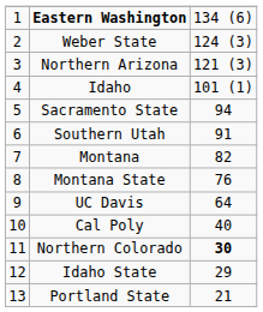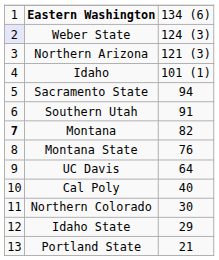 <table class="wikitable" style="display: inline-table;">
 <tr align="center">
 </tr>
 <tr align="center">
 <td>1</td>
 <td><strong>Eastern Washington</strong></td>
 <td>134 (6)</td>
 </tr>
 <tr align="center">
-<td>2</td>
+<td style="background: lavender;">2</td>
 <td>Weber State</td>
 <td>124 (3)</td>
 </tr>
 <tr align="center">
 <td>3</td>
 <td>Northern Arizona</td>
 <td>121 (3)</td>
 </tr>
 <tr align="center">
 <td>4</td>
 <td>Idaho</td>
 <td>101 (1)</td>
 </tr>
 <tr align="center">
 <td>5</td>
 <td>Sacramento State</td>
 <td>94</td>
 </tr>
 <tr align="center">
 <td>6</td>
 <td>Southern Utah</td>
 <td>91</td>
 </tr>
 <tr align="center">
-<td>7</td>
+<td><strong>7</strong></td>
 <td>Montana</td>
 <td>82</td>
 </tr>
 <tr align="center">
 <td>8</td>
 <td>Montana State</td>
 <td>76</td>
 </tr>
 <tr align="center">
 <td>9</td>
 <td>UC Davis</td>
 <td>64</td>
 </tr>
 <tr align="center">
 <td>10</td>
 <td>Cal Poly</td>
 <td>40</td>
 </tr>
 <tr align="center">
 <td>11</td>
 <td>Northern Colorado</td>
-<td><strong>30</strong></td>
+<td>30</td>
 </tr>
 <tr align="center">
 <td>12</td>
 <td>Idaho State</td>
 <td>29</td>
 </tr>
 <tr align="center">
 <td>13</td>
 <td>Portland State</td>
 <td>21</td>
 </tr>
 </table>
